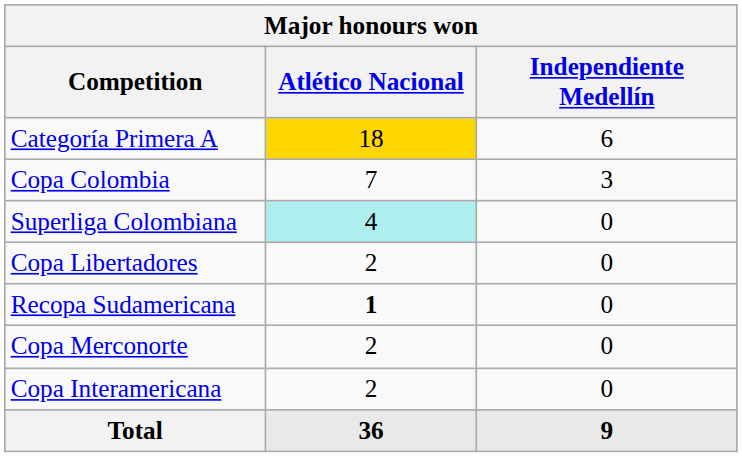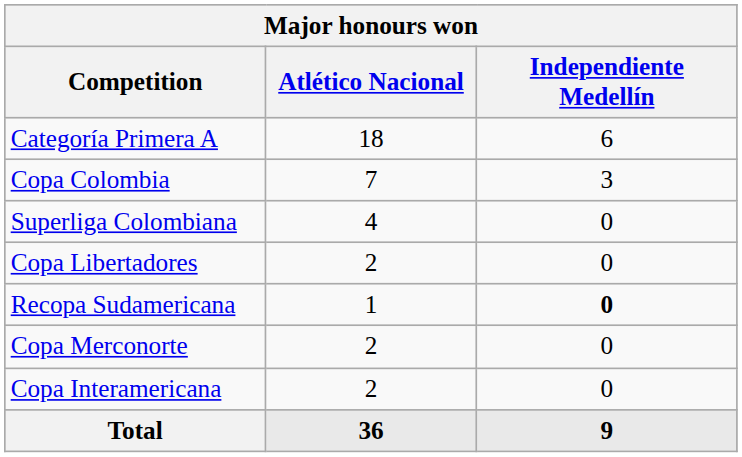 <table class="wikitable" style="text-align:center;font-size:95%">
 <tr>
 <th colspan=3>Major honours won</th>
 </tr>
 <tr>
 <th width="150">Competition</th>
 <th width="120"><a href='#'>Atlético Nacional</a></th>
 <th width="150"><a href='#'>Independiente Medellín</a></th>
 </tr>
 <tr>
 <td align=left><a href='#'>Categoría Primera A</a></td>
-<td style="background: gold;">18</td>
+<td>18</td>
 <td>6</td>
 </tr>
 <tr>
 <td align=left><a href='#'>Copa Colombia</a></td>
 <td>7</td>
 <td>3</td>
 </tr>
 <tr>
 <td align=left><a href='#'>Superliga Colombiana</a></td>
-<td style="background: paleturquoise;">4</td>
+<td>4</td>
 <td>0</td>
 </tr>
 <tr>
 <td align=left><a href='#'>Copa Libertadores</a></td>
 <td>2</td>
 <td>0</td>
 </tr>
 <tr>
 <td align=left><a href='#'>Recopa Sudamericana</a></td>
-<td><strong>1</strong></td>
-<td>0</td>
+<td>1</td>
+<td><strong>0</strong></td>
 </tr>
 <tr>
 <td align=left><a href='#'>Copa Merconorte</a></td>
 <td>2</td>
 <td>0</td>
 </tr>
 <tr>
 <td align=left><a href='#'>Copa Interamericana</a></td>
 <td>2</td>
 <td>0</td>
 </tr>
 <tr bgcolor=E9E9E9>
 <th>Total</th>
 <td><strong>36</strong></td>
 <td><strong>9</strong></td>
 </tr>
 </table>
